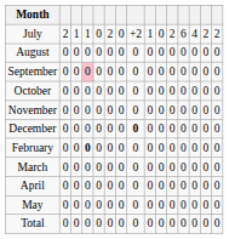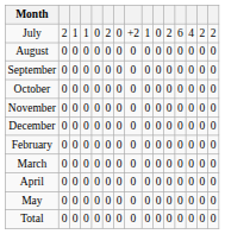 <table class="wikitable sortable" style="font-size:90%; text-align:center;">
 <tr>
 <th>Month</th>
 <th></th>
 <th></th>
 <th></th>
 <th></th>
 <th></th>
 <th></th>
 <th></th>
 <th></th>
 <th></th>
 <th></th>
 <th></th>
 <th></th>
 <th></th>
 <th></th>
 </tr>
 <tr>
 <td>July</td>
 <td>2</td>
 <td>1</td>
 <td>1</td>
 <td>0</td>
 <td>2</td>
 <td>0</td>
 <td>+2</td>
 <td>1</td>
 <td>0</td>
 <td>2</td>
 <td>6</td>
 <td>4</td>
 <td>2</td>
 <td>2</td>
 </tr>
 <tr>
 <td>August</td>
 <td>0</td>
 <td>0</td>
 <td>0</td>
 <td>0</td>
 <td>0</td>
 <td>0</td>
 <td>0</td>
 <td>0</td>
 <td>0</td>
 <td>0</td>
 <td>0</td>
 <td>0</td>
 <td>0</td>
 <td>0</td>
 </tr>
 <tr>
 <td>September</td>
 <td>0</td>
 <td>0</td>
-<td style="background: pink;">0</td>
+<td>0</td>
 <td>0</td>
 <td>0</td>
 <td>0</td>
 <td>0</td>
 <td>0</td>
 <td>0</td>
 <td>0</td>
 <td>0</td>
 <td>0</td>
 <td>0</td>
 <td>0</td>
 </tr>
 <tr>
 <td>October</td>
 <td>0</td>
 <td>0</td>
 <td>0</td>
 <td>0</td>
 <td>0</td>
 <td>0</td>
 <td>0</td>
 <td>0</td>
 <td>0</td>
 <td>0</td>
 <td>0</td>
 <td>0</td>
 <td>0</td>
 <td>0</td>
 </tr>
 <tr>
 <td>November</td>
 <td>0</td>
 <td>0</td>
 <td>0</td>
 <td>0</td>
 <td>0</td>
 <td>0</td>
 <td>0</td>
 <td>0</td>
 <td>0</td>
 <td>0</td>
 <td>0</td>
 <td>0</td>
 <td>0</td>
 <td>0</td>
 </tr>
 <tr>
 <td>December</td>
 <td>0</td>
 <td>0</td>
 <td>0</td>
 <td>0</td>
 <td>0</td>
 <td>0</td>
-<td><strong>0</strong></td>
+<td>0</td>
 <td>0</td>
 <td>0</td>
 <td>0</td>
 <td>0</td>
 <td>0</td>
 <td>0</td>
 <td>0</td>
 </tr>
 <tr>
 <td>February</td>
 <td>0</td>
 <td>0</td>
-<td><strong>0</strong></td>
+<td>0</td>
 <td>0</td>
 <td>0</td>
 <td>0</td>
 <td>0</td>
 <td>0</td>
 <td>0</td>
 <td>0</td>
 <td>0</td>
 <td>0</td>
 <td>0</td>
 <td>0</td>
 </tr>
 <tr>
 <td>March</td>
 <td>0</td>
 <td>0</td>
 <td>0</td>
 <td>0</td>
 <td>0</td>
 <td>0</td>
 <td>0</td>
 <td>0</td>
 <td>0</td>
 <td>0</td>
 <td>0</td>
 <td>0</td>
 <td>0</td>
 <td>0</td>
 </tr>
 <tr>
 <td>April</td>
 <td>0</td>
 <td>0</td>
 <td>0</td>
 <td>0</td>
 <td>0</td>
 <td>0</td>
 <td>0</td>
 <td>0</td>
 <td>0</td>
 <td>0</td>
 <td>0</td>
 <td>0</td>
 <td>0</td>
 <td>0</td>
 </tr>
 <tr>
 <td>May</td>
 <td>0</td>
 <td>0</td>
 <td>0</td>
 <td>0</td>
 <td>0</td>
 <td>0</td>
 <td>0</td>
 <td>0</td>
 <td>0</td>
 <td>0</td>
 <td>0</td>
 <td>0</td>
 <td>0</td>
 <td>0</td>
 </tr>
 <tr>
 <td>Total</td>
 <td>0</td>
 <td>0</td>
 <td>0</td>
 <td>0</td>
 <td>0</td>
 <td>0</td>
 <td>0</td>
 <td>0</td>
 <td>0</td>
 <td>0</td>
 <td>0</td>
 <td>0</td>
 <td>0</td>
 <td>0</td>
 </tr>
 </table>
